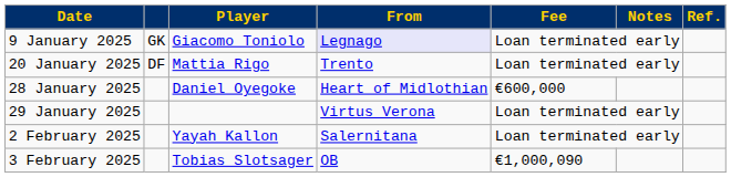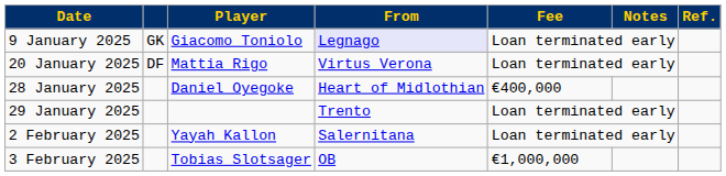 <table class="wikitable">
 <tr>
 <th style="background:#002F6C;color:#FFD100">Date</th>
 <th style="background:#002F6C;color:#FFD100"></th>
 <th style="background:#002F6C;color:#FFD100">Player</th>
 <th style="background:#002F6C;color:#FFD100">From</th>
 <th style="background:#002F6C;color:#FFD100">Fee</th>
 <th style="background:#002F6C;color:#FFD100">Notes</th>
 <th style="background:#002F6C;color:#FFD100">Ref.</th>
 </tr>
 <tr>
 <td>9 January 2025</td>
 <td>GK</td>
 <td> <a href='#'>Giacomo Toniolo</a></td>
 <td style="background: lavender;"> <a href='#'>Legnago</a></td>
 <td colspan="2">Loan terminated early</td>
 <td></td>
 </tr>
 <tr>
 <td>20 January 2025</td>
 <td>DF</td>
 <td> <a href='#'>Mattia Rigo</a></td>
-<td> <a href='#'>Trento</a></td>
+<td> <a href='#'>Virtus Verona</a></td>
 <td colspan="2">Loan terminated early</td>
 <td></td>
 </tr>
 <tr>
 <td>28 January 2025</td>
 <td></td>
 <td> <a href='#'>Daniel Oyegoke</a></td>
 <td> <a href='#'>Heart of Midlothian</a></td>
-<td>€600,000</td>
+<td>€400,000</td>
 <td></td>
 <td></td>
 </tr>
 <tr>
 <td>29 January 2025</td>
 <td></td>
 <td> </td>
-<td> <a href='#'>Virtus Verona</a></td>
+<td> <a href='#'>Trento</a></td>
 <td colspan="2">Loan terminated early</td>
 <td></td>
 </tr>
 <tr>
 <td>2 February 2025</td>
 <td></td>
 <td> <a href='#'>Yayah Kallon</a></td>
 <td> <a href='#'>Salernitana</a></td>
 <td colspan="2">Loan terminated early</td>
 <td></td>
 </tr>
 <tr>
 <td>3 February 2025</td>
 <td></td>
 <td> <a href='#'>Tobias Slotsager</a></td>
 <td> <a href='#'>OB</a></td>
-<td>€1,000,090</td>
+<td>€1,000,000</td>
 <td></td>
 <td></td>
 </tr>
 </table>
